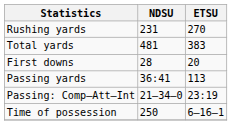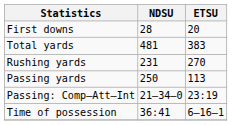 <table class="wikitable" style="float: left;">
 <tr>
 <th>Statistics</th>
 <th>NDSU</th>
 <th>ETSU</th>
 </tr>
 <tr>
-<td>Rushing yards</td>
-<td>231</td>
-<td>270</td>
+<td>First downs</td>
+<td>28</td>
+<td>20</td>
 </tr>
 <tr>
 <td>Total yards</td>
 <td>481</td>
 <td>383</td>
 </tr>
 <tr>
-<td>First downs</td>
-<td>28</td>
-<td>20</td>
+<td>Rushing yards</td>
+<td>231</td>
+<td>270</td>
 </tr>
 <tr>
 <td>Passing yards</td>
-<td>36:41</td>
+<td>250</td>
 <td>113</td>
 </tr>
 <tr>
 <td>Passing: Comp–Att–Int</td>
 <td>21–34–0</td>
 <td>23:19</td>
 </tr>
 <tr>
 <td>Time of possession</td>
-<td>250</td>
+<td>36:41</td>
 <td>6–16–1</td>
 </tr>
 <tr>
 </tr>
 </table>
